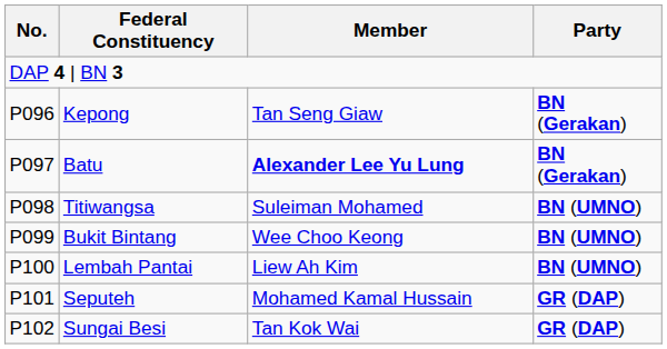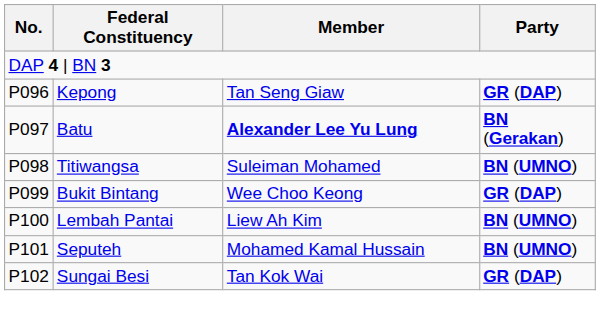 <table class="wikitable sortable">
 <tr>
 <th style="width:30px;">No.</th>
 <th style="width:150px;">Federal Constituency</th>
 <th style="width:230px;">Member</th>
 <th style="width:100px;">Party</th>
 </tr>
 <tr>
 <td colspan="4"><a href='#'>DAP</a> <strong>4</strong> | <a href='#'>BN</a> <strong>3</strong></td>
 </tr>
 <tr>
 <td>P096</td>
 <td><a href='#'>Kepong</a></td>
 <td><a href='#'>Tan Seng Giaw</a></td>
-<td><strong><a href='#'>BN</a></strong> (<strong><a href='#'>Gerakan</a></strong>)</td>
+<td><strong><a href='#'>GR</a></strong> (<strong><a href='#'>DAP</a></strong>)</td>
 </tr>
 <tr>
 <td>P097</td>
 <td><a href='#'>Batu</a></td>
 <td><strong><a href='#'>Alexander Lee Yu Lung</a></strong></td>
 <td><strong><a href='#'>BN</a></strong> (<strong><a href='#'>Gerakan</a></strong>)</td>
 </tr>
 <tr>
 <td>P098</td>
 <td><a href='#'>Titiwangsa</a></td>
 <td><a href='#'>Suleiman Mohamed</a></td>
 <td><strong><a href='#'>BN</a></strong> (<strong><a href='#'>UMNO</a></strong>)</td>
 </tr>
 <tr>
 <td>P099</td>
 <td><a href='#'>Bukit Bintang</a></td>
 <td><a href='#'>Wee Choo Keong</a></td>
-<td><strong><a href='#'>BN</a></strong> (<strong><a href='#'>UMNO</a></strong>)</td>
+<td><strong><a href='#'>GR</a></strong> (<strong><a href='#'>DAP</a></strong>)</td>
 </tr>
 <tr>
 <td>P100</td>
 <td><a href='#'>Lembah Pantai</a></td>
 <td><a href='#'>Liew Ah Kim</a></td>
 <td><strong><a href='#'>BN</a></strong> (<strong><a href='#'>UMNO</a></strong>)</td>
 </tr>
 <tr>
 <td>P101</td>
 <td><a href='#'>Seputeh</a></td>
 <td><a href='#'>Mohamed Kamal Hussain</a></td>
-<td><strong><a href='#'>GR</a></strong> (<strong><a href='#'>DAP</a></strong>)</td>
+<td><strong><a href='#'>BN</a></strong> (<strong><a href='#'>UMNO</a></strong>)</td>
 </tr>
 <tr>
 <td>P102</td>
 <td><a href='#'>Sungai Besi</a></td>
 <td><a href='#'>Tan Kok Wai</a></td>
 <td><strong><a href='#'>GR</a></strong> (<strong><a href='#'>DAP</a></strong>)</td>
 </tr>
 </table>
